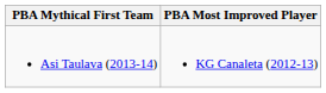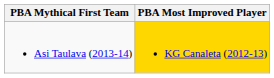 <table class=wikitable>
 <tr>
 <th>PBA Mythical First Team</th>
 <th>PBA Most Improved Player</th>
 </tr>
 <tr>
 <td valign="top"><br><ul><li><a href='#'>Asi Taulava</a> (<a href='#'>2013-14</a>)</li></ul></td>
-<td valign="top"><br><ul><li><a href='#'>KG Canaleta</a> (<a href='#'>2012-13</a>)</li></ul></td>
+<td valign="top" style="background: gold;"><br><ul><li><a href='#'>KG Canaleta</a> (<a href='#'>2012-13</a>)</li></ul></td>
 </tr>
 </table>
